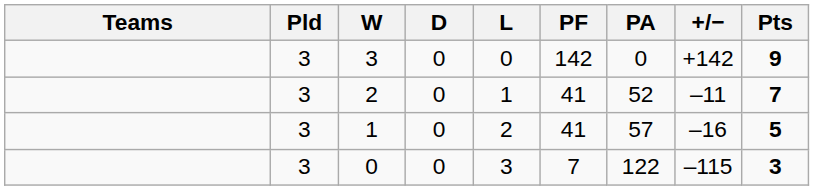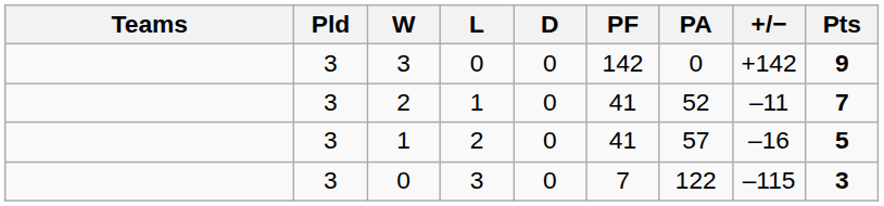 <table class="wikitable" style="text-align: center;">
 <tr>
 <th width="180">Teams</th>
 <th width="40">Pld</th>
 <th width="40">W</th>
+<th width="40">L</th>
 <th width="40">D</th>
-<th width="40">L</th>
 <th width="40">PF</th>
 <th width="40">PA</th>
 <th width="40">+/−</th>
 <th width="40">Pts</th>
 </tr>
 <tr>
 <td align=left></td>
 <td>3</td>
 <td>3</td>
 <td>0</td>
 <td>0</td>
 <td>142</td>
 <td>0</td>
 <td>+142</td>
 <td><strong>9</strong></td>
 </tr>
 <tr>
 <td align=left></td>
 <td>3</td>
 <td>2</td>
+<td>1</td>
 <td>0</td>
-<td>1</td>
 <td>41</td>
 <td>52</td>
 <td>–11</td>
 <td><strong>7</strong></td>
 </tr>
 <tr>
 <td align=left></td>
 <td>3</td>
 <td>1</td>
+<td>2</td>
 <td>0</td>
-<td>2</td>
 <td>41</td>
 <td>57</td>
 <td>–16</td>
 <td><strong>5</strong></td>
 </tr>
 <tr>
 <td align=left></td>
 <td>3</td>
 <td>0</td>
+<td>3</td>
 <td>0</td>
-<td>3</td>
 <td>7</td>
 <td>122</td>
 <td>–115</td>
 <td><strong>3</strong></td>
 </tr>
 </table>
